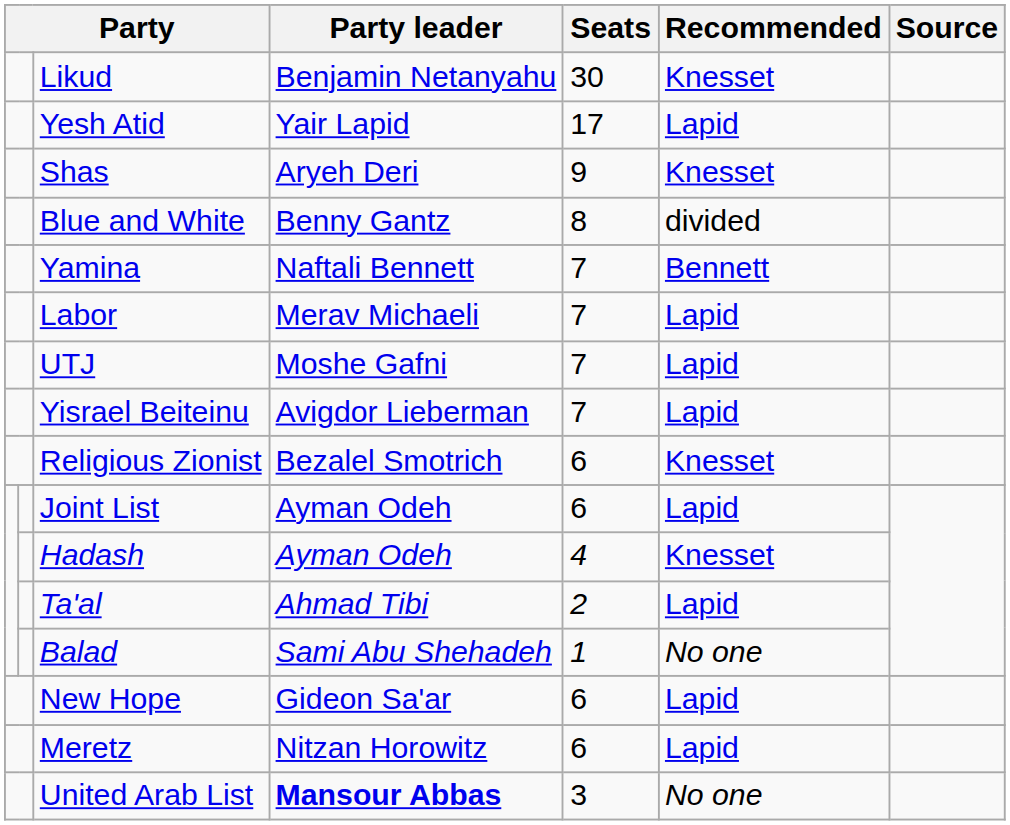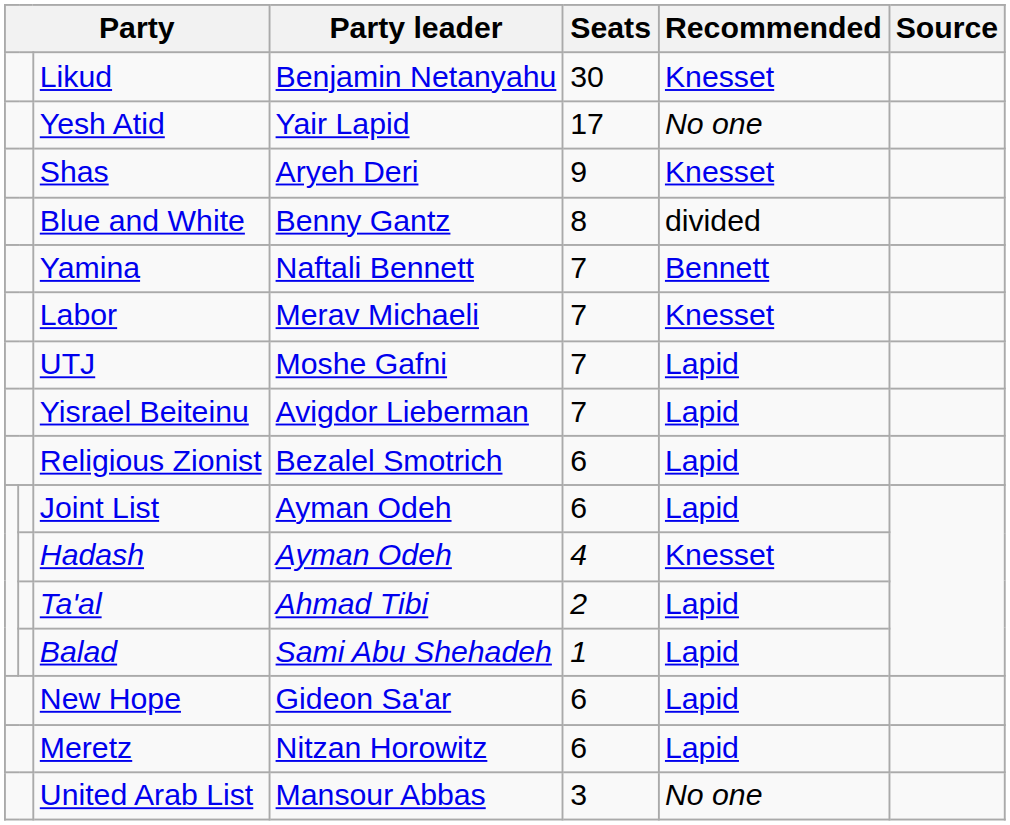 <table class="wikitable sortable">
 <tr>
 <th colspan=3>Party</th>
 <th>Party leader</th>
 <th>Seats</th>
 <th>Recommended</th>
 <th class="unsortable">Source</th>
 </tr>
 <tr>
 <td colspan=2 style="background:"></td>
 <td><a href='#'>Likud</a></td>
 <td><a href='#'>Benjamin Netanyahu</a></td>
 <td>30</td>
 <td><a href='#'>Knesset</a></td>
 <td></td>
 </tr>
 <tr>
 <td colspan=2 style="background:"></td>
 <td><a href='#'>Yesh Atid</a></td>
 <td><a href='#'>Yair Lapid</a></td>
 <td>17</td>
-<td><a href='#'>Lapid</a></td>
+<td><em>No one</em></td>
 <td></td>
 </tr>
 <tr>
 <td colspan=2 style="background:"></td>
 <td><a href='#'>Shas</a></td>
 <td><a href='#'>Aryeh Deri</a></td>
 <td>9</td>
 <td><a href='#'>Knesset</a></td>
 <td></td>
 </tr>
 <tr>
 <td colspan=2 style="background:"></td>
 <td><a href='#'>Blue and White</a></td>
 <td><a href='#'>Benny Gantz</a></td>
 <td>8</td>
 <td>divided</td>
 <td></td>
 </tr>
 <tr>
 <td colspan=2 style="background:"></td>
 <td><a href='#'>Yamina</a></td>
 <td><a href='#'>Naftali Bennett</a></td>
 <td>7</td>
 <td><a href='#'>Bennett</a></td>
 <td></td>
 </tr>
 <tr>
 <td colspan=2 style="background:"></td>
 <td><a href='#'>Labor</a></td>
 <td><a href='#'>Merav Michaeli</a></td>
 <td>7</td>
-<td><a href='#'>Lapid</a></td>
+<td><a href='#'>Knesset</a></td>
 <td></td>
 </tr>
 <tr>
 <td colspan=2 style="background:"></td>
 <td><a href='#'>UTJ</a></td>
 <td><a href='#'>Moshe Gafni</a></td>
 <td>7</td>
 <td><a href='#'>Lapid</a></td>
 <td></td>
 </tr>
 <tr>
 <td colspan=2 style="background:"></td>
 <td><a href='#'>Yisrael Beiteinu</a></td>
 <td><a href='#'>Avigdor Lieberman</a></td>
 <td>7</td>
 <td><a href='#'>Lapid</a></td>
 <td></td>
 </tr>
 <tr>
 <td colspan=2 style="background:"></td>
 <td><a href='#'>Religious Zionist</a></td>
 <td><a href='#'>Bezalel Smotrich</a></td>
 <td>6</td>
-<td><a href='#'>Knesset</a></td>
+<td><a href='#'>Lapid</a></td>
 <td></td>
 </tr>
 <tr>
 <td rowspan=4 style="background:"></td>
 <td></td>
 <td><a href='#'>Joint List</a></td>
 <td><a href='#'>Ayman Odeh</a></td>
 <td>6</td>
 <td><a href='#'>Lapid</a></td>
 <td rowspan=4></td>
 </tr>
 <tr>
 <td style="color:inherit;background:"></td>
 <td><em><a href='#'>Hadash</a></em></td>
 <td><em><a href='#'>Ayman Odeh</a></em></td>
 <td><em>4</em></td>
 <td><a href='#'>Knesset</a></td>
 </tr>
 <tr>
 <td style="color:inherit;background:"></td>
 <td><em><a href='#'>Ta'al</a></em></td>
 <td><em><a href='#'>Ahmad Tibi</a></em></td>
 <td><em>2</em></td>
 <td><a href='#'>Lapid</a></td>
 </tr>
 <tr>
 <td style="background:"></td>
 <td><em><a href='#'>Balad</a></em></td>
 <td><em><a href='#'>Sami Abu Shehadeh</a></em></td>
 <td><em>1</em></td>
-<td><em>No one</em></td>
+<td><a href='#'>Lapid</a></td>
 </tr>
 <tr>
 <td colspan=2 style="background:"></td>
 <td><a href='#'>New Hope</a></td>
 <td><a href='#'>Gideon Sa'ar</a></td>
 <td>6</td>
 <td><a href='#'>Lapid</a></td>
 <td></td>
 </tr>
 <tr>
 <td colspan=2 style="background:"></td>
 <td><a href='#'>Meretz</a></td>
 <td><a href='#'>Nitzan Horowitz</a></td>
 <td>6</td>
 <td><a href='#'>Lapid</a></td>
 <td></td>
 </tr>
 <tr>
 <td colspan=2 style="background:"></td>
 <td><a href='#'>United Arab List</a></td>
-<td><strong><a href='#'>Mansour Abbas</a></strong></td>
+<td><a href='#'>Mansour Abbas</a></td>
 <td>3</td>
 <td><em>No one</em></td>
 <td></td>
 </tr>
 </table>
